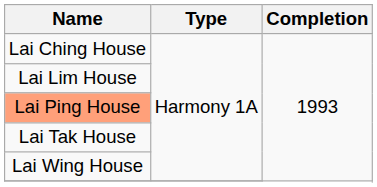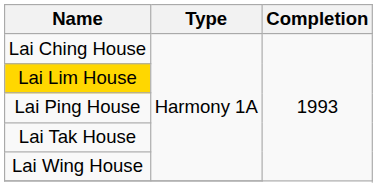 <table class="wikitable" style="text-align: center">
 <tr>
 <th>Name</th>
 <th>Type</th>
 <th>Completion</th>
 </tr>
 <tr>
 <td>Lai Ching House</td>
 <td rowspan="5">Harmony 1A</td>
 <td rowspan="8">1993</td>
 </tr>
 <tr>
-<td>Lai Lim House</td>
+<td style="background: gold;">Lai Lim House</td>
 </tr>
 <tr>
-<td style="background: lightsalmon;">Lai Ping House</td>
+<td>Lai Ping House</td>
 </tr>
 <tr>
 <td>Lai Tak House</td>
 </tr>
 <tr>
 <td>Lai Wing House</td>
 </tr>
 <tr>
 </tr>
 </table>
